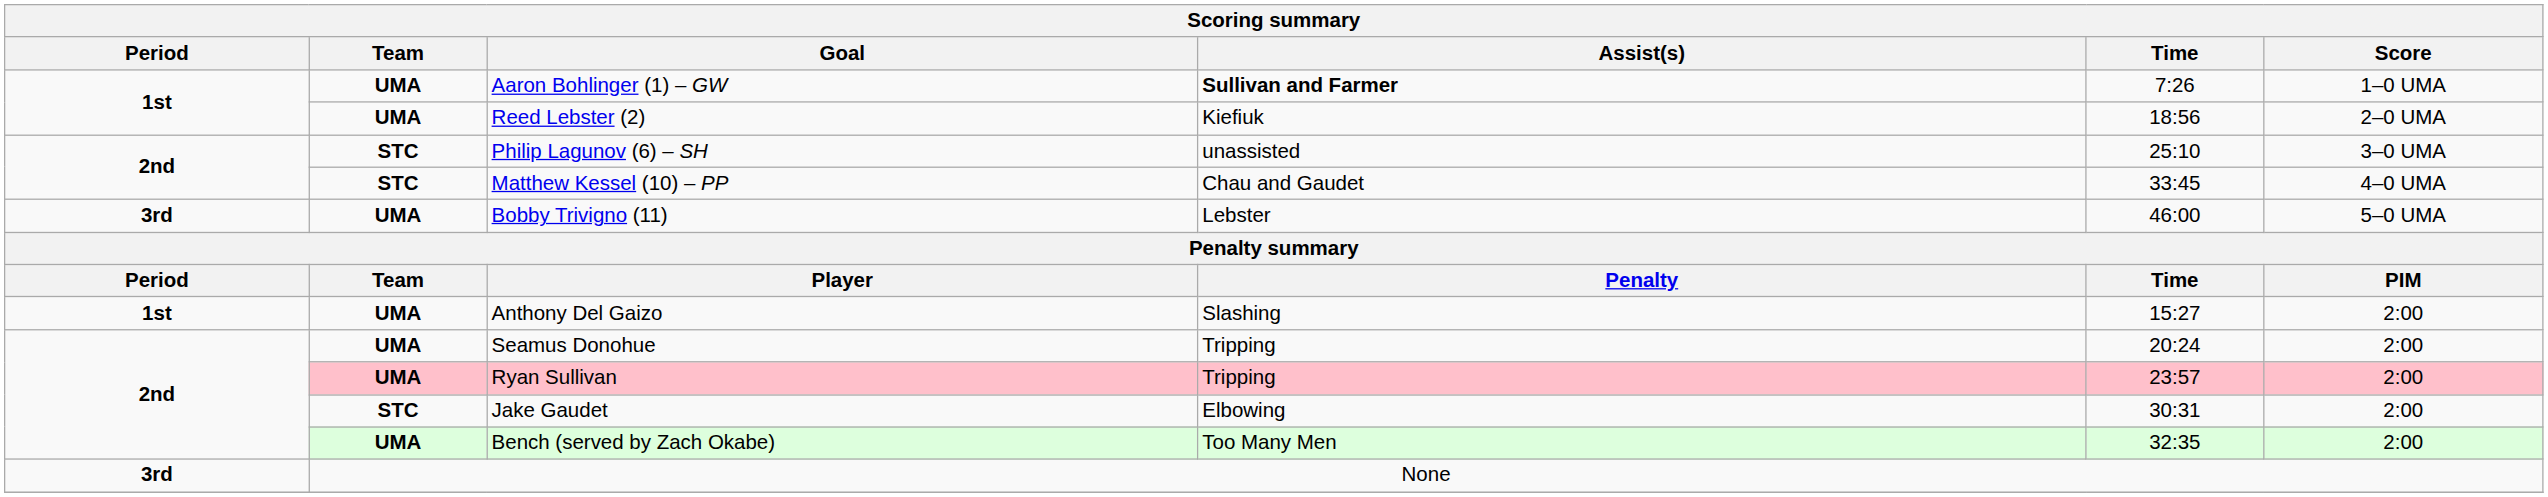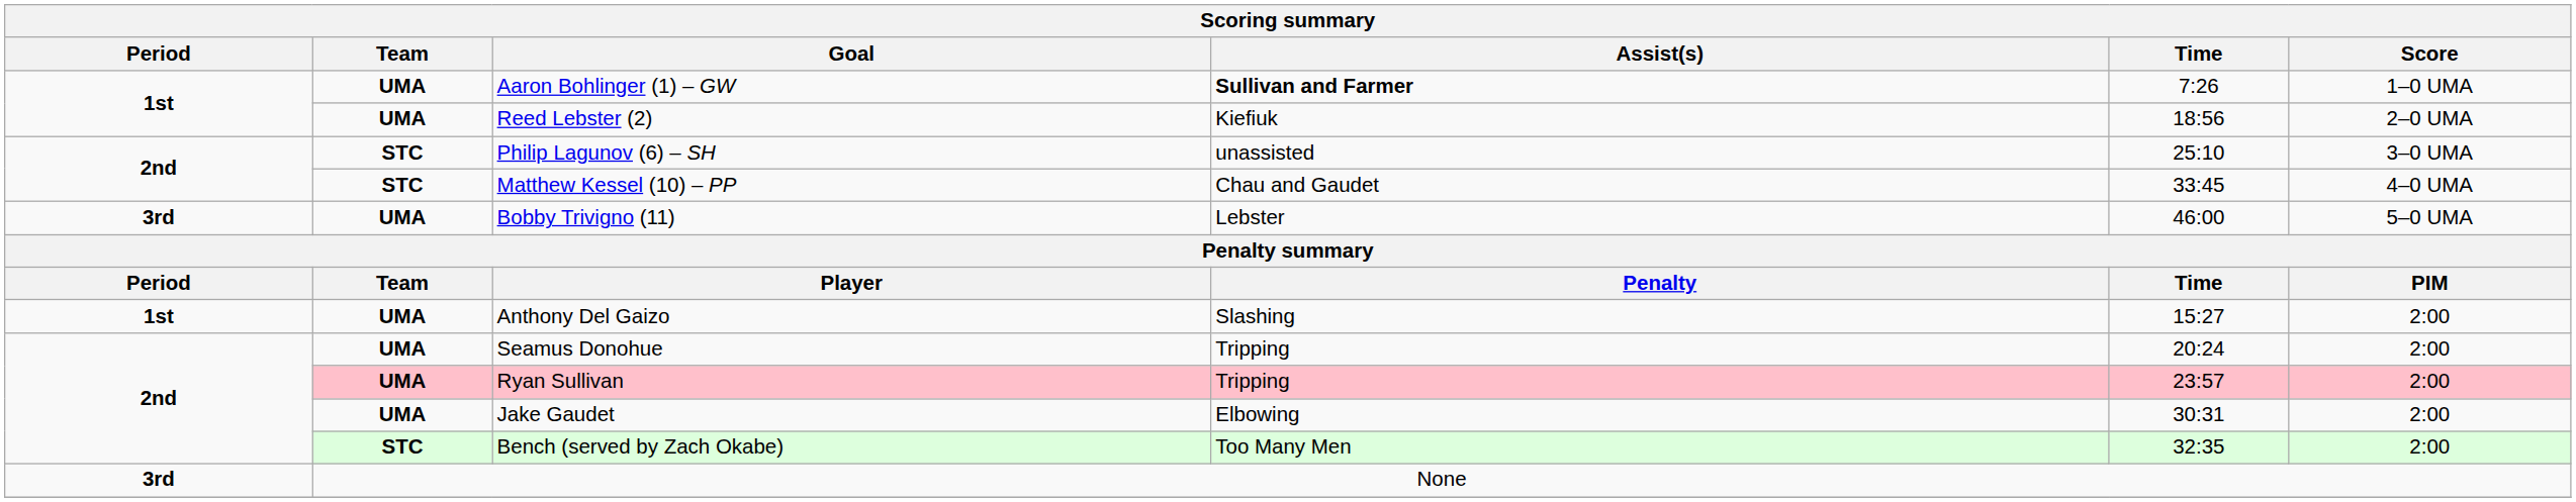 <table style="width:100%;" class="wikitable">
 <tr>
 <th colspan=6>Scoring summary</th>
 </tr>
 <tr>
 <th style="width:12%;">Period</th>
 <th style="width:7%;">Team</th>
 <th style="width:28%;">Goal</th>
 <th style="width:35%;">Assist(s)</th>
 <th style="width:7%;">Time</th>
 <th style="width:11%;">Score</th>
 </tr>
 <tr>
 <td style="text-align:center;" rowspan="2"><strong>1st</strong></td>
 <td align=center><strong>UMA</strong></td>
 <td><a href='#'>Aaron Bohlinger</a> (1) – <em>GW</em></td>
 <td><strong>Sullivan and Farmer</strong></td>
 <td align=center>7:26</td>
 <td align=center>1–0 UMA</td>
 </tr>
 <tr>
 <td align=center><strong>UMA</strong></td>
 <td><a href='#'>Reed Lebster</a> (2)</td>
 <td>Kiefiuk</td>
 <td align=center>18:56</td>
 <td align=center>2–0 UMA</td>
 </tr>
 <tr>
 <td style="text-align:center;" rowspan="2"><strong>2nd</strong></td>
 <td align=center><strong>STC</strong></td>
 <td><a href='#'>Philip Lagunov</a> (6) – <em>SH</em></td>
 <td>unassisted</td>
 <td align=center>25:10</td>
 <td align=center>3–0 UMA</td>
 </tr>
 <tr>
 <td align=center><strong>STC</strong></td>
 <td><a href='#'>Matthew Kessel</a> (10) – <em>PP</em></td>
 <td>Chau and Gaudet</td>
 <td align=center>33:45</td>
 <td align=center>4–0 UMA</td>
 </tr>
 <tr>
 <td style="text-align:center;" rowspan="1"><strong>3rd</strong></td>
 <td align=center><strong>UMA</strong></td>
 <td><a href='#'>Bobby Trivigno</a> (11)</td>
 <td>Lebster</td>
 <td align=center>46:00</td>
 <td align=center>5–0 UMA</td>
 </tr>
 <tr>
 <th colspan=6>Penalty summary</th>
 </tr>
 <tr>
 <th style="width:12%;">Period</th>
 <th style="width:7%;">Team</th>
 <th style="width:28%;">Player</th>
 <th style="width:35%;"><a href='#'>Penalty</a></th>
 <th style="width:7%;">Time</th>
 <th style="width:11%;">PIM</th>
 </tr>
 <tr>
 <td style="text-align:center;" rowspan="1"><strong>1st</strong></td>
 <td align=center><strong>UMA</strong></td>
 <td>Anthony Del Gaizo</td>
 <td>Slashing</td>
 <td align=center>15:27</td>
 <td align=center>2:00</td>
 </tr>
 <tr>
 <td style="text-align:center;" rowspan="4"><strong>2nd</strong></td>
 <td align=center><strong>UMA</strong></td>
 <td>Seamus Donohue</td>
 <td>Tripping</td>
 <td align=center>20:24</td>
 <td align=center>2:00</td>
 </tr>
 <tr bgcolor="pink">
 <td align=center><strong>UMA</strong></td>
 <td>Ryan Sullivan</td>
 <td>Tripping</td>
 <td align=center>23:57</td>
 <td align=center>2:00</td>
 </tr>
 <tr>
-<td align=center><strong>STC</strong></td>
+<td align=center><strong>UMA</strong></td>
 <td>Jake Gaudet</td>
 <td>Elbowing</td>
 <td align=center>30:31</td>
 <td align=center>2:00</td>
 </tr>
 <tr bgcolor=DDFFDD>
-<td align=center><strong>UMA</strong></td>
+<td align=center><strong>STC</strong></td>
 <td>Bench (served by Zach Okabe)</td>
 <td>Too Many Men</td>
 <td align=center>32:35</td>
 <td align=center>2:00</td>
 </tr>
 <tr>
 <td style="text-align:center;" rowspan="1"><strong>3rd</strong></td>
 <td align=center colspan=5>None</td>
 </tr>
 <tr>
 </tr>
 </table>
